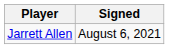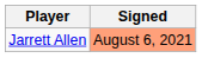 <table class="wikitable sortable sortable" style="text-align: center">
 <tr>
 <th>Player</th>
 <th>Signed</th>
 </tr>
 <tr>
 <td><a href='#'>Jarrett Allen</a></td>
-<td>August 6, 2021</td>
+<td style="background: lightsalmon;">August 6, 2021</td>
 </tr>
 </table>
